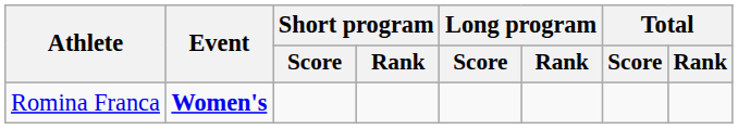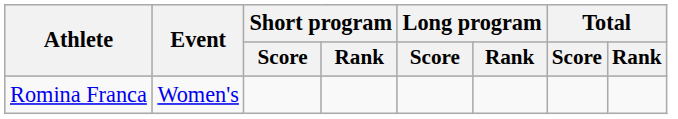 <table class=wikitable style=font-size:90%;text-align:center>
 <tr>
 <th rowspan=2>Athlete</th>
 <th rowspan=2>Event</th>
 <th colspan=2>Short program</th>
 <th colspan=2>Long program</th>
 <th colspan=2>Total</th>
 </tr>
 <tr style=font-size:95%>
 <th>Score</th>
 <th>Rank</th>
 <th>Score</th>
 <th>Rank</th>
 <th>Score</th>
 <th>Rank</th>
 </tr>
 <tr>
 <td align=left><a href='#'>Romina Franca</a></td>
-<td align=left><strong><a href='#'>Women's</a></strong></td>
+<td align=left><a href='#'>Women's</a></td>
 <td></td>
 <td></td>
 <td></td>
 <td></td>
 <td></td>
 <td></td>
 </tr>
 </table>
